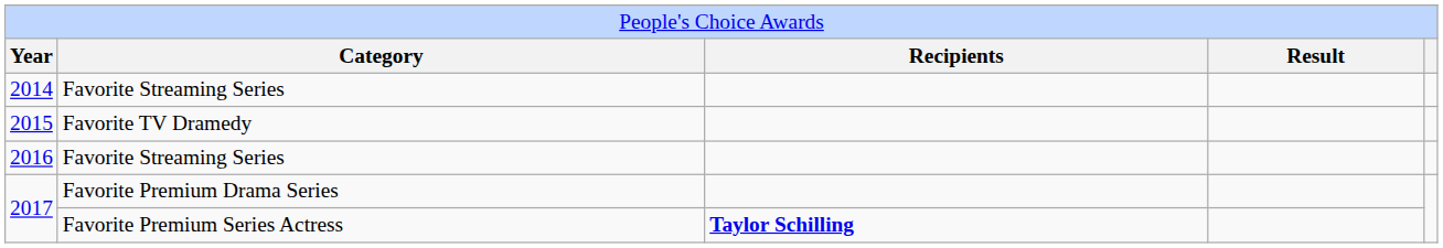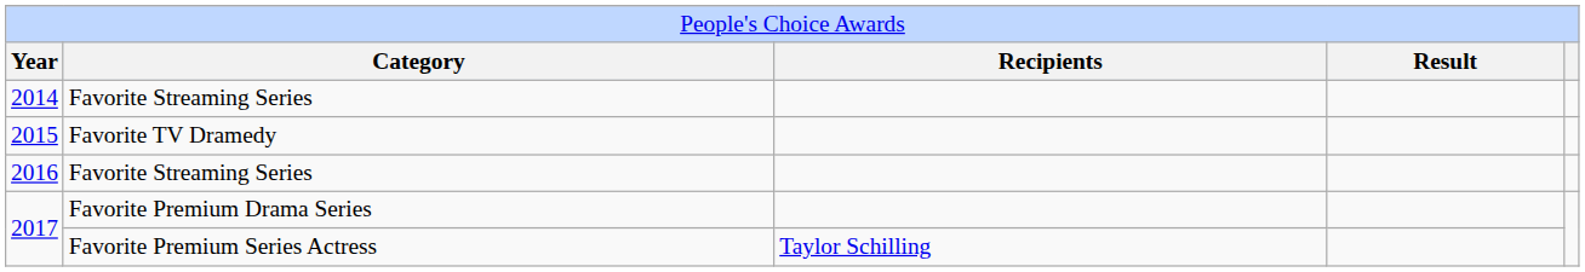 <table class="wikitable plainrowheaders" style="font-size: 100%; width:85%">
 <tr>
 </tr>
 <tr ---- bgcolor="#bfd7ff">
 <td colspan=6 align=center><a href='#'>People's Choice Awards</a></td>
 </tr>
 <tr ---- bgcolor="#ebf5ff">
 <th scope="col" style="width:2%;">Year</th>
 <th scope="col" style="width:45%;">Category</th>
 <th scope="col" style="width:35%;">Recipients</th>
 <th scope="col" style="width:15%;">Result</th>
 <th scope="col" class="unsortable" style="width:1%;"></th>
 </tr>
 <tr>
 <td style="text-align:center;"><a href='#'>2014</a></td>
 <td>Favorite Streaming Series</td>
 <td></td>
 <td></td>
 <td style="text-align:center;"></td>
 </tr>
 <tr>
 <td style="text-align:center;"><a href='#'>2015</a></td>
 <td>Favorite TV Dramedy</td>
 <td></td>
 <td></td>
 <td style="text-align:center;"></td>
 </tr>
 <tr>
 <td style="text-align:center;"><a href='#'>2016</a></td>
 <td>Favorite Streaming Series</td>
 <td></td>
 <td></td>
 <td style="text-align:center;"></td>
 </tr>
 <tr>
 <td rowspan=2 style="text-align:center;"><a href='#'>2017</a></td>
 <td>Favorite Premium Drama Series</td>
 <td></td>
 <td></td>
 <td rowspan=2 style="text-align:center;"></td>
 </tr>
 <tr>
 <td>Favorite Premium Series Actress</td>
-<td><strong><a href='#'>Taylor Schilling</a></strong></td>
+<td><a href='#'>Taylor Schilling</a></td>
 <td></td>
 </tr>
 </table>
